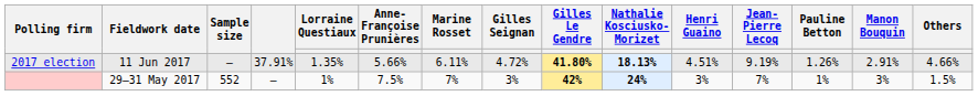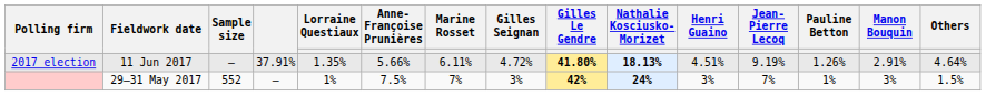 <table class="wikitable sortable" style="text-align:center;font-size:90%;line-height:14px;">
 <tr style="height:40px;">
 <th style="width:100px;" rowspan="2">Polling firm</th>
 <th style="width:110px;" rowspan="2">Fieldwork date</th>
 <th style="width:35px;" rowspan="2">Sample<br>size</th>
 <th style="width:30px;" rowspan="2"></th>
 <th class="unsortable" style="width:60px;">Lorraine Questiaux<br></th>
 <th class="unsortable" style="width:60px;">Anne-Françoise Prunières<br></th>
 <th class="unsortable" style="width:60px;">Marine Rosset<br></th>
 <th class="unsortable" style="width:60px;">Gilles Seignan<br></th>
 <th class="unsortable" style="width:60px;"><a href='#'>Gilles Le Gendre</a><br></th>
 <th class="unsortable" style="width:60px;"><a href='#'>Nathalie Kosciusko-Morizet</a><br></th>
 <th class="unsortable" style="width:60px;"><a href='#'>Henri Guaino</a><br></th>
 <th class="unsortable" style="width:60px;"><a href='#'>Jean-Pierre Lecoq</a><br></th>
 <th class="unsortable" style="width:60px;">Pauline Betton<br></th>
 <th class="unsortable" style="width:60px;"><a href='#'>Manon Bouquin</a><br></th>
 <th class="unsortable" style="width:60px;">Others</th>
 </tr>
 <tr>
 <th style="background:"></th>
 <th style="background:"></th>
 <th style="background:"></th>
 <th style="background:"></th>
 <th style="background:"></th>
 <th style="background:"></th>
 <th style="background:"></th>
 <th style="background:"></th>
 <th style="background:"></th>
 <th style="background:"></th>
 <th style="background:"></th>
 </tr>
 <tr style="background:#E9E9E9;">
 <td><a href='#'>2017 election</a></td>
 <td data-sort-value="2017-06-11">11 Jun 2017</td>
 <td>–</td>
 <td>37.91%</td>
 <td>1.35%</td>
 <td>5.66%</td>
 <td>6.11%</td>
 <td>4.72%</td>
 <td style="background:#FFED99;"><strong>41.80%</strong></td>
 <td style="background:#DFEEFF;"><strong>18.13%</strong></td>
 <td>4.51%</td>
 <td>9.19%</td>
 <td>1.26%</td>
 <td>2.91%</td>
-<td>4.66%</td>
+<td>4.64%</td>
 </tr>
 <tr>
 <td style="background:#FFCCCC;"></td>
 <td data-sort-value="2017-05-31">29–31 May 2017</td>
 <td>552</td>
 <td>–</td>
 <td>1%</td>
 <td>7.5%</td>
 <td>7%</td>
 <td>3%</td>
 <td style="background:#FFED99;"><strong>42%</strong></td>
 <td style="background:#DFEEFF;"><strong>24%</strong></td>
 <td>3%</td>
 <td>7%</td>
 <td>1%</td>
 <td>3%</td>
 <td>1.5%</td>
 </tr>
 </table>
